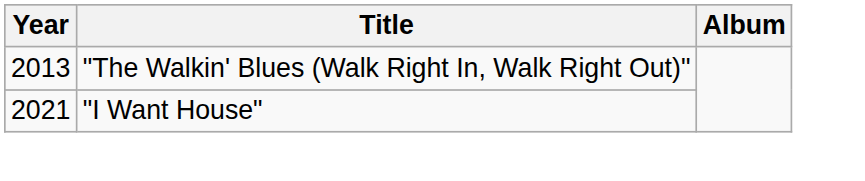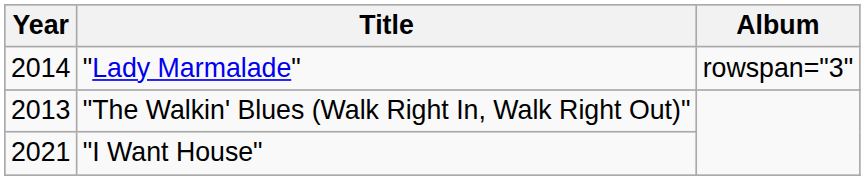 <table class="wikitable">
 <tr>
 <th>Year</th>
 <th>Title</th>
 <th>Album</th>
+</tr>
+<tr>
+<td>2014</td>
+<td>"<a href='#'>Lady Marmalade</a>"<br></td>
+<td>rowspan="3" </td>
 </tr>
 <tr>
 <td>2013</td>
 <td>"The Walkin' Blues (Walk Right In, Walk Right Out)"</td>
 </tr>
 <tr>
 <td>2021</td>
 <td>"I Want House"<br></td>
 </tr>
 </table>
